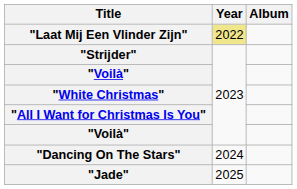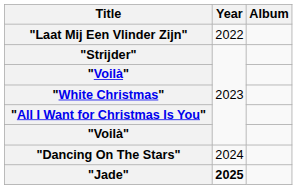 <table class="wikitable plainrowheaders" style="text-align:center">
 <tr>
 <th scope="col" style="width:16em;">Title</th>
 <th scope="col">Year</th>
 <th scope="col">Album</th>
 </tr>
 <tr>
 <th scope="row">"Laat Mij Een Vlinder Zijn"</th>
-<td style="background: khaki;">2022</td>
+<td>2022</td>
 <td></td>
 </tr>
 <tr>
 <th scope="row">"Strijder"</th>
 <td rowspan="5">2023</td>
 <td></td>
 </tr>
 <tr>
 <th scope="row">"<a href='#'>Voilà</a>"<br></th>
 <td></td>
 </tr>
 <tr>
 <th scope="row">"<a href='#'>White Christmas</a>"<br></th>
 <td></td>
 </tr>
 <tr>
 <th scope="row">"<a href='#'>All I Want for Christmas Is You</a>"<br></th>
 <td></td>
 </tr>
 <tr>
 <th scope="row">"Voilà"<br></th>
 <td></td>
 </tr>
 <tr>
 <th scope="row">"Dancing On The Stars"<br></th>
 <td>2024</td>
 <td></td>
 </tr>
 <tr>
 <th scope="row">"Jade"</th>
-<td>2025</td>
+<td><strong>2025</strong></td>
 <td></td>
 </tr>
 </table>
